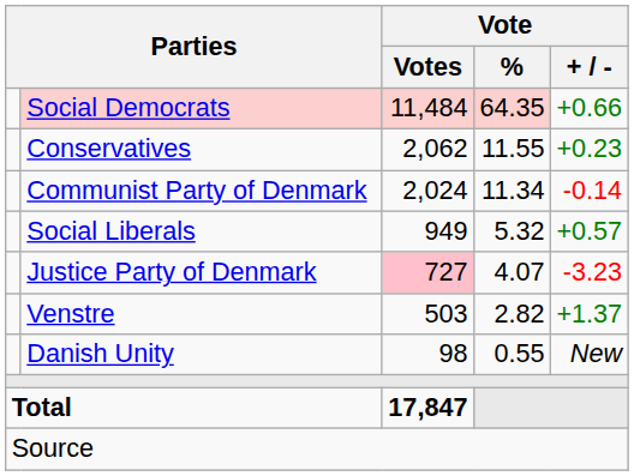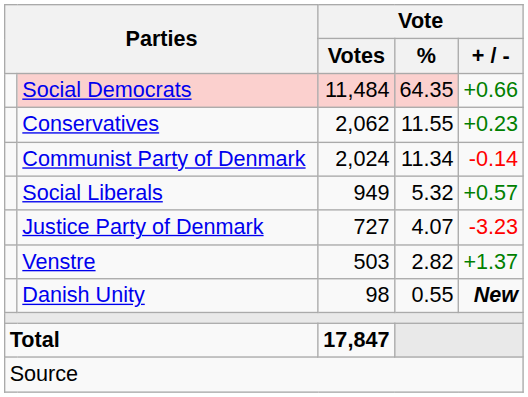 <table class="wikitable" style="text-align:right;">
 <tr>
 <th style="text-align:centre;" rowspan="2" colspan="2" width="225">Parties</th>
 <th colspan="3">Vote</th>
 </tr>
 <tr>
 <th width="15">Votes</th>
 <th width="15">%</th>
 <th width="15">+ / -</th>
 </tr>
 <tr>
 <td width="2" style="color:inherit;background:"></td>
 <td bgcolor=#fbd0ce  align="left"><a href='#'>Social Democrats</a></td>
 <td bgcolor=#fbd0ce>11,484</td>
 <td bgcolor=#fbd0ce>64.35</td>
 <td style=color:green;>+0.66</td>
 </tr>
 <tr>
 <td width="2" style="color:inherit;background:"></td>
 <td align="left"><a href='#'>Conservatives</a></td>
 <td>2,062</td>
 <td>11.55</td>
 <td style=color:green;>+0.23</td>
 </tr>
 <tr>
 <td width="2" style="color:inherit;background:"></td>
 <td align="left"><a href='#'>Communist Party of Denmark</a></td>
 <td>2,024</td>
 <td>11.34</td>
 <td style=color:red;>-0.14</td>
 </tr>
 <tr>
 <td width="2" style="color:inherit;background:"></td>
 <td align="left"><a href='#'>Social Liberals</a></td>
 <td>949</td>
 <td>5.32</td>
 <td style=color:green;>+0.57</td>
 </tr>
 <tr>
 <td width="2" style="color:inherit;background:"></td>
 <td align="left"><a href='#'>Justice Party of Denmark</a></td>
-<td style="background: pink;">727</td>
+<td>727</td>
 <td>4.07</td>
 <td style=color:red;>-3.23</td>
 </tr>
 <tr>
 <td width="2" style="color:inherit;background:"></td>
 <td align="left"><a href='#'>Venstre</a></td>
 <td>503</td>
 <td>2.82</td>
 <td style=color:green;>+1.37</td>
 </tr>
 <tr>
 <td width="2" style="color:inherit;background:"></td>
 <td align="left"><a href='#'>Danish Unity</a></td>
 <td>98</td>
 <td>0.55</td>
-<td><em>New</em></td>
+<td><strong><em>New</em></strong></td>
 </tr>
 <tr>
 <td colspan="7" bgcolor="#E9E9E9"></td>
 </tr>
 <tr>
 <td align="left" colspan="2"><strong>Total</strong></td>
 <td><strong>17,847</strong></td>
 <td bgcolor="#E9E9E9" colspan="2"></td>
 </tr>
 <tr>
 <td align="left" colspan="6">Source</td>
 </tr>
 </table>
